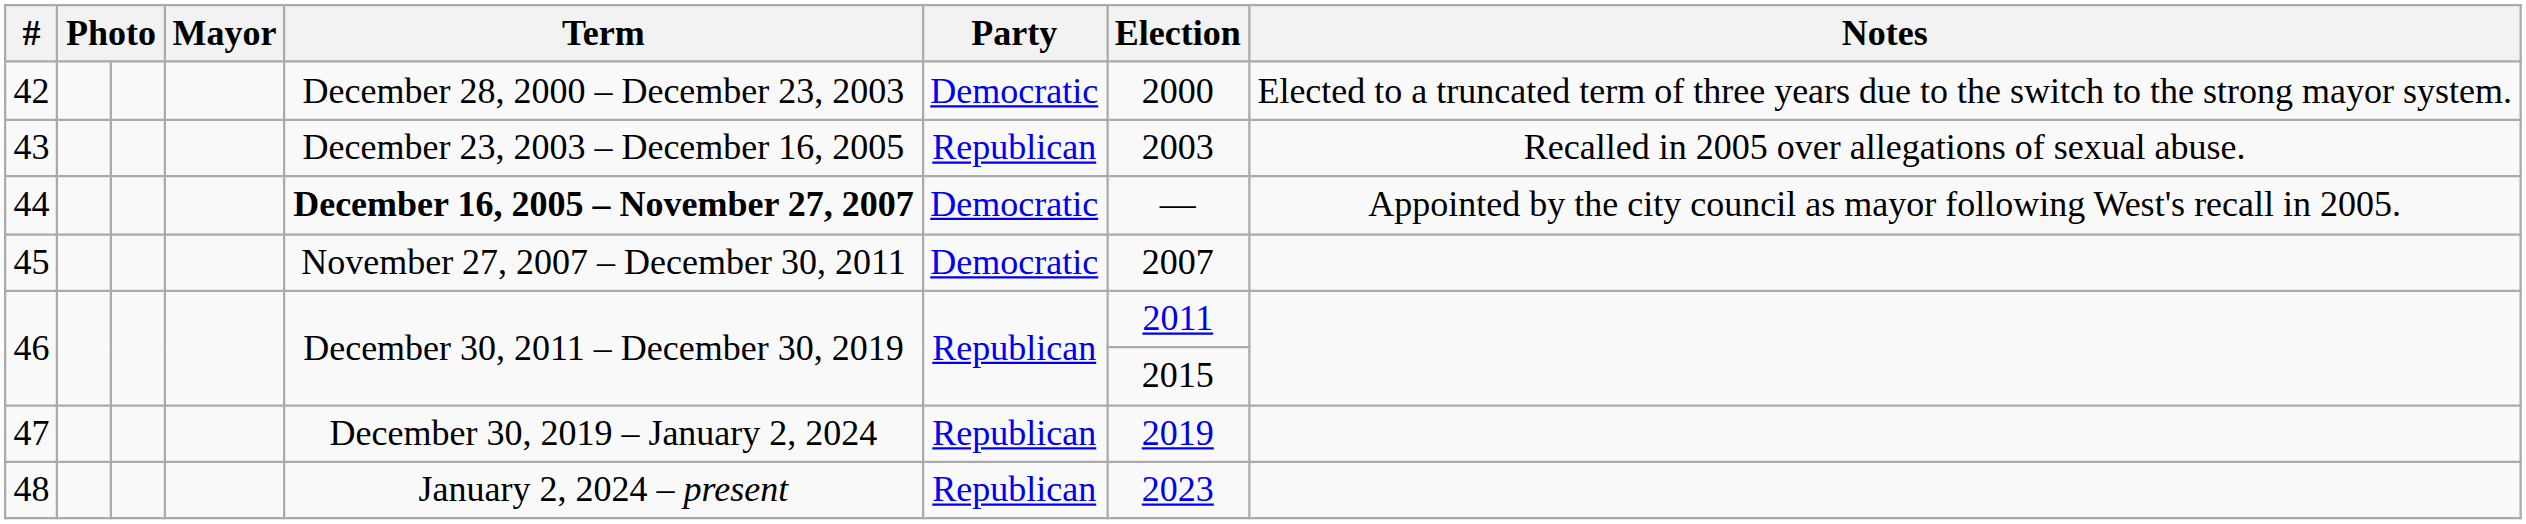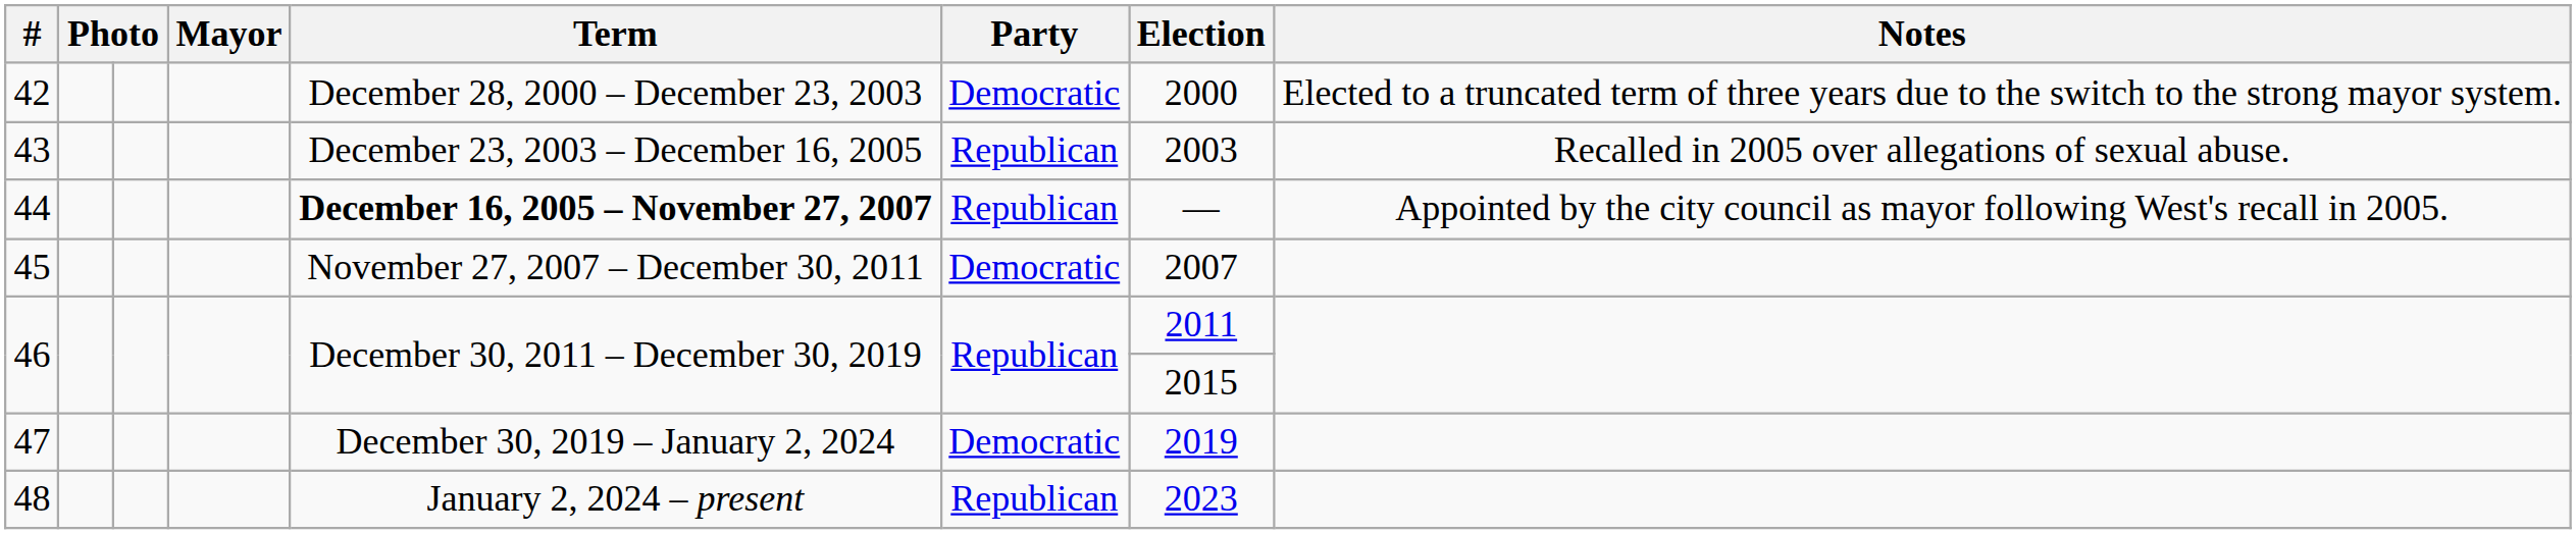 <table class="wikitable sortable" style="text-align: center;">
 <tr>
 <th>#</th>
 <th colspan="2" class=unsortable>Photo</th>
 <th>Mayor</th>
 <th class=unsortable>Term</th>
 <th>Party</th>
 <th class=unsortable>Election</th>
 <th class=unsortable>Notes</th>
 </tr>
 <tr>
 <td>42</td>
 <td></td>
 <td style="background: "></td>
 <td></td>
 <td>December 28, 2000 – December 23, 2003</td>
 <td><a href='#'>Democratic</a></td>
 <td>2000</td>
 <td>Elected to a truncated term of three years due to the switch to the strong mayor system.</td>
 </tr>
 <tr>
 <td>43</td>
 <td></td>
 <td style="background: "></td>
 <td></td>
 <td>December 23, 2003 – December 16, 2005</td>
 <td><a href='#'>Republican</a></td>
 <td>2003</td>
 <td>Recalled in 2005 over allegations of sexual abuse.</td>
 </tr>
 <tr>
 <td>44</td>
 <td></td>
 <td style="background: "></td>
 <td></td>
 <td><strong>December 16, 2005 – November 27, 2007</strong></td>
-<td><a href='#'>Democratic</a></td>
+<td><a href='#'>Republican</a></td>
 <td>—</td>
 <td>Appointed by the city council as mayor following West's recall in 2005.</td>
 </tr>
 <tr>
 <td>45</td>
 <td></td>
 <td style="background: "></td>
 <td></td>
 <td>November 27, 2007 – December 30, 2011</td>
 <td><a href='#'>Democratic</a></td>
 <td>2007</td>
 <td></td>
 </tr>
 <tr>
 <td rowspan="2">46</td>
 <td rowspan="2"></td>
 <td rowspan="2" style="background: "></td>
 <td rowspan="2"></td>
 <td rowspan="2">December 30, 2011 – December 30, 2019</td>
 <td rowspan="2"><a href='#'>Republican</a></td>
 <td><a href='#'>2011</a></td>
 <td rowspan="2"></td>
 </tr>
 <tr --->
 <td>2015</td>
 </tr>
 <tr>
 <td>47</td>
 <td></td>
 <td style="background: "></td>
 <td></td>
 <td>December 30, 2019 – January 2, 2024</td>
-<td><a href='#'>Republican</a></td>
+<td><a href='#'>Democratic</a></td>
 <td><a href='#'>2019</a></td>
 <td></td>
 </tr>
 <tr>
 <td>48</td>
 <td></td>
 <td style="background: "></td>
 <td></td>
 <td>January 2, 2024 – <em>present</em></td>
 <td><a href='#'>Republican</a></td>
 <td><a href='#'>2023</a></td>
 <td></td>
 </tr>
 </table>
